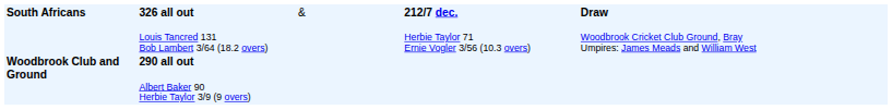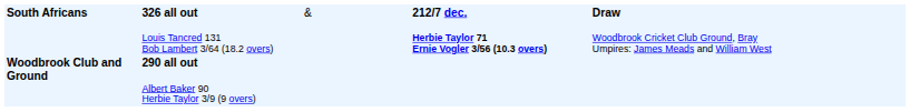 <table width="100%" style="background: #EBF5FF">
 <tr>
 <td width="15%" valign="top" rowspan="2"><strong>South Africans</strong></td>
 <td width="18%"><strong>326 all out</strong></td>
 <td width="12%">&</td>
 <td width="20%"><strong>212/7 <a href='#'>dec.</a></strong></td>
 <td width="35%"><strong>Draw</strong></td>
 </tr>
 <tr>
 <td style="font-size: 85%;" valign="top"><br><a href='#'>Louis Tancred</a> 131<br> <a href='#'>Bob Lambert</a> 3/64 (18.2 <a href='#'>overs</a>)</td>
 <td></td>
-<td style="font-size: 85%;"><br><a href='#'>Herbie Taylor</a> 71<br> <a href='#'>Ernie Vogler</a> 3/56 (10.3 <a href='#'>overs</a>)</td>
+<td style="font-size: 85%;"><strong><br><a href='#'>Herbie Taylor</a> 71<br> <a href='#'>Ernie Vogler</a> 3/56 (10.3 <a href='#'>overs</a>)</strong></td>
 <td valign="top" style="font-size: 85%;" rowspan="3"><br><a href='#'>Woodbrook Cricket Club Ground</a>, <a href='#'>Bray</a><br> Umpires: <a href='#'>James Meads</a> and <a href='#'>William West</a></td>
 </tr>
 <tr>
 <td valign="top" rowspan="2"><strong>Woodbrook Club and Ground</strong></td>
 <td><strong>290 all out</strong></td>
 </tr>
 <tr>
 <td style="font-size: 85%;"><br><a href='#'>Albert Baker</a> 90<br> <a href='#'>Herbie Taylor</a> 3/9 (9 <a href='#'>overs</a>)</td>
 </tr>
 </table>
